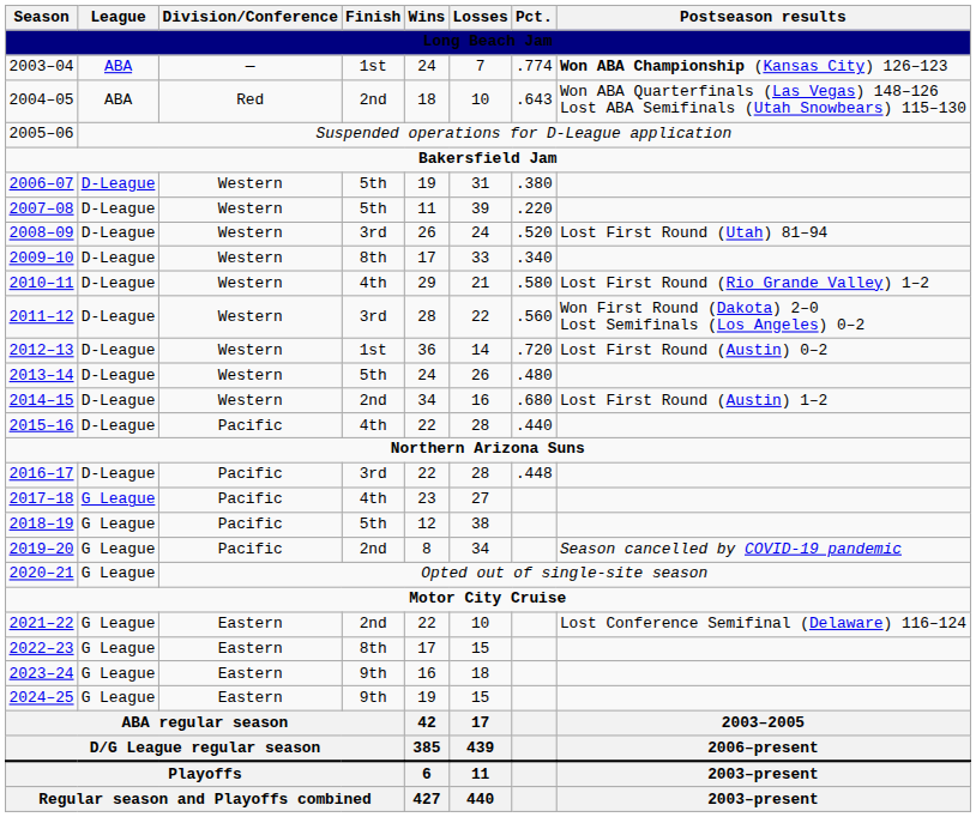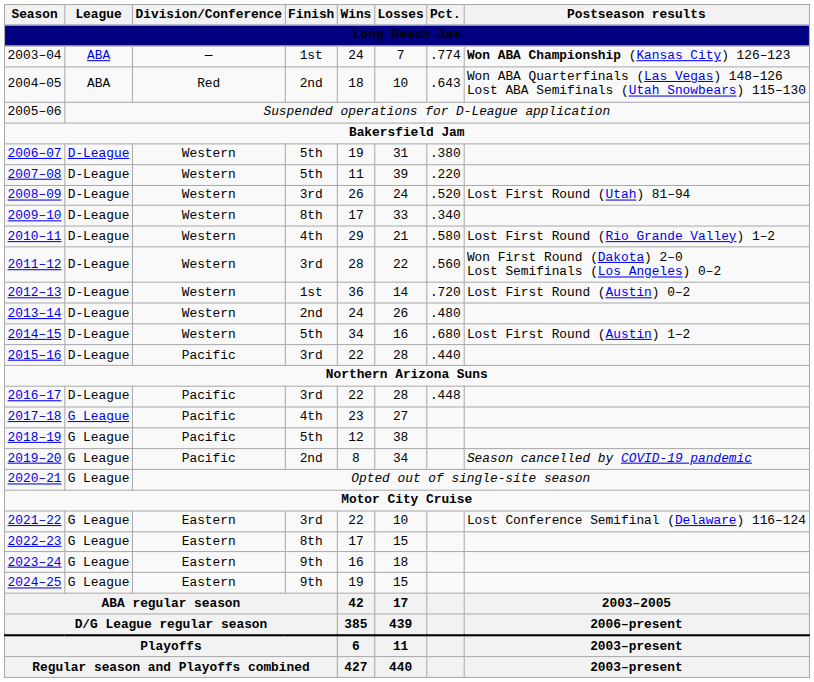 <table class="wikitable" style="font-size:95%; text-align:center">
 <tr>
 <th>Season</th>
 <th>League</th>
 <th>Division/Conference</th>
 <th>Finish</th>
 <th>Wins</th>
 <th>Losses</th>
 <th>Pct.</th>
 <th>Postseason results</th>
 </tr>
 <tr>
 <td colspan=8 style="background:#000080"><span><strong>Long Beach Jam</strong></span></td>
 </tr>
 <tr>
 <td>2003–04</td>
 <td><a href='#'>ABA</a></td>
 <td>—</td>
 <td>1st</td>
 <td>24</td>
 <td>7</td>
 <td>.774</td>
 <td align=left><strong>Won ABA Championship</strong> (<a href='#'>Kansas City</a>) 126–123</td>
 </tr>
 <tr>
 <td>2004–05</td>
 <td>ABA</td>
 <td>Red</td>
 <td>2nd</td>
 <td>18</td>
 <td>10</td>
 <td>.643</td>
 <td align=left>Won ABA Quarterfinals (<a href='#'>Las Vegas</a>) 148–126<br>Lost ABA Semifinals (<a href='#'>Utah Snowbears</a>) 115–130</td>
 </tr>
 <tr>
 <td>2005–06</td>
 <td colspan="7"><em>Suspended operations for D-League application</em></td>
 </tr>
 <tr>
 <td colspan=8><strong>Bakersfield Jam</strong></td>
 </tr>
 <tr>
 <td><a href='#'>2006–07</a></td>
 <td><a href='#'>D-League</a></td>
 <td>Western</td>
 <td>5th</td>
 <td>19</td>
 <td>31</td>
 <td>.380</td>
 <td></td>
 </tr>
 <tr>
 <td><a href='#'>2007–08</a></td>
 <td>D-League</td>
 <td>Western</td>
 <td>5th</td>
 <td>11</td>
 <td>39</td>
 <td>.220</td>
 <td></td>
 </tr>
 <tr>
 <td><a href='#'>2008–09</a></td>
 <td>D-League</td>
 <td>Western</td>
 <td>3rd</td>
 <td>26</td>
 <td>24</td>
 <td>.520</td>
 <td align=left>Lost First Round (<a href='#'>Utah</a>) 81–94</td>
 </tr>
 <tr>
 <td><a href='#'>2009–10</a></td>
 <td>D-League</td>
 <td>Western</td>
 <td>8th</td>
 <td>17</td>
 <td>33</td>
 <td>.340</td>
 <td></td>
 </tr>
 <tr>
 <td><a href='#'>2010–11</a></td>
 <td>D-League</td>
 <td>Western</td>
 <td>4th</td>
 <td>29</td>
 <td>21</td>
 <td>.580</td>
 <td align=left>Lost First Round (<a href='#'>Rio Grande Valley</a>) 1–2</td>
 </tr>
 <tr>
 <td><a href='#'>2011–12</a></td>
 <td>D-League</td>
 <td>Western</td>
 <td>3rd</td>
 <td>28</td>
 <td>22</td>
 <td>.560</td>
 <td align=left>Won First Round (<a href='#'>Dakota</a>) 2–0<br>Lost Semifinals (<a href='#'>Los Angeles</a>) 0–2</td>
 </tr>
 <tr>
 <td><a href='#'>2012–13</a></td>
 <td>D-League</td>
 <td>Western</td>
 <td>1st</td>
 <td>36</td>
 <td>14</td>
 <td>.720</td>
 <td align=left>Lost First Round (<a href='#'>Austin</a>) 0–2</td>
 </tr>
 <tr>
 <td><a href='#'>2013–14</a></td>
 <td>D-League</td>
 <td>Western</td>
-<td>5th</td>
+<td>2nd</td>
 <td>24</td>
 <td>26</td>
 <td>.480</td>
 <td></td>
 </tr>
 <tr>
 <td><a href='#'>2014–15</a></td>
 <td>D-League</td>
 <td>Western</td>
-<td>2nd</td>
+<td>5th</td>
 <td>34</td>
 <td>16</td>
 <td>.680</td>
 <td align=left>Lost First Round (<a href='#'>Austin</a>) 1–2</td>
 </tr>
 <tr>
 <td><a href='#'>2015–16</a></td>
 <td>D-League</td>
 <td>Pacific</td>
-<td>4th</td>
+<td>3rd</td>
 <td>22</td>
 <td>28</td>
 <td>.440</td>
 <td></td>
 </tr>
 <tr>
 <td colspan=8><strong>Northern Arizona Suns</strong></td>
 </tr>
 <tr>
 <td><a href='#'>2016–17</a></td>
 <td>D-League</td>
 <td>Pacific</td>
 <td>3rd</td>
 <td>22</td>
 <td>28</td>
 <td>.448</td>
 <td></td>
 </tr>
 <tr>
 <td><a href='#'>2017–18</a></td>
 <td><a href='#'>G League</a></td>
 <td>Pacific</td>
 <td>4th</td>
 <td>23</td>
 <td>27</td>
 <td></td>
 <td align=left></td>
 </tr>
 <tr>
 <td><a href='#'>2018–19</a></td>
 <td>G League</td>
 <td>Pacific</td>
 <td>5th</td>
 <td>12</td>
 <td>38</td>
 <td></td>
 <td align=left></td>
 </tr>
 <tr>
 <td><a href='#'>2019–20</a></td>
 <td>G League</td>
 <td>Pacific</td>
 <td>2nd</td>
 <td>8</td>
 <td>34</td>
 <td></td>
 <td align=left><em>Season cancelled by <a href='#'>COVID-19 pandemic</a></em></td>
 </tr>
 <tr>
 <td><a href='#'>2020–21</a></td>
 <td>G League</td>
 <td colspan="7"><em>Opted out of single-site season</em></td>
 </tr>
 <tr>
 <td colspan="10" style="text-align:center; "><strong>Motor City Cruise</strong></td>
 </tr>
 <tr>
 <td><a href='#'>2021–22</a></td>
 <td>G League</td>
 <td>Eastern</td>
-<td>2nd</td>
+<td>3rd</td>
 <td>22</td>
 <td>10</td>
 <td></td>
 <td align=left>Lost Conference Semifinal (<a href='#'>Delaware</a>) 116–124</td>
 </tr>
 <tr>
 <td><a href='#'>2022–23</a></td>
 <td>G League</td>
 <td>Eastern</td>
 <td>8th</td>
 <td>17</td>
 <td>15</td>
 <td></td>
 <td align=left></td>
 </tr>
 <tr>
 <td><a href='#'>2023–24</a></td>
 <td>G League</td>
 <td>Eastern</td>
 <td>9th</td>
 <td>16</td>
 <td>18</td>
 <td></td>
 <td align=left></td>
 </tr>
 <tr>
 <td><a href='#'>2024–25</a></td>
 <td>G League</td>
 <td>Eastern</td>
 <td>9th</td>
 <td>19</td>
 <td>15</td>
 <td></td>
 <td align=left></td>
 </tr>
 <tr>
 <th colspan=4>ABA regular season</th>
 <th>42</th>
 <th>17</th>
 <th></th>
 <th>2003–2005</th>
 </tr>
 <tr>
 <th colspan=4>D/G League regular season</th>
 <th>385</th>
 <th>439</th>
 <th></th>
 <th>2006–present</th>
 </tr>
 <tr style="border-top:2px solid black">
 <th colspan=4>Playoffs</th>
 <th>6</th>
 <th>11</th>
 <th></th>
 <th>2003–present</th>
 </tr>
 <tr>
 <th colspan=4>Regular season and Playoffs combined</th>
 <th>427</th>
 <th>440</th>
 <th></th>
 <th>2003–present</th>
 </tr>
 </table>
